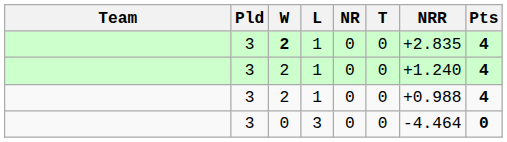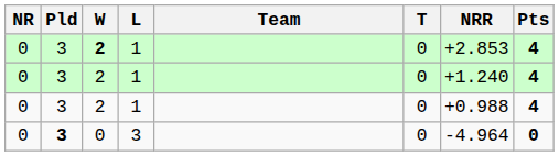 <table class="wikitable" style="text-align:center;">
 <tr>
-<th width=175>Team</th>
+<th style="width:20px;" abbr="No Result">NR</th>
 <th style="width:20px;" abbr="Played">Pld</th>
 <th style="width:20px;" abbr="Won">W</th>
 <th style="width:20px;" abbr="Lost">L</th>
-<th style="width:20px;" abbr="No Result">NR</th>
+<th width=175>Team</th>
 <th style="width:20px;" abbr="Tied">T</th>
 <th style="width:20px;" abbr="Net Run Rate">NRR</th>
 <th style="width:20px;" abbr="Points">Pts</th>
 </tr>
 <tr style="background:#cfc;">
-<td style="text-align:left;"></td>
+<td>0</td>
 <td>3</td>
 <td><strong>2</strong></td>
 <td>1</td>
+<td style="text-align:left;"></td>
 <td>0</td>
-<td>0</td>
-<td>+2.835</td>
+<td>+2.853</td>
 <td><strong>4</strong></td>
 </tr>
 <tr style="background:#cfc;">
-<td style="text-align:left;"></td>
+<td>0</td>
 <td>3</td>
 <td>2</td>
 <td>1</td>
-<td>0</td>
+<td style="text-align:left;"></td>
 <td>0</td>
 <td>+1.240</td>
 <td><strong>4</strong></td>
 </tr>
 <tr style="background:#f9f9f9;">
-<td style="text-align:left;"></td>
+<td>0</td>
 <td>3</td>
 <td>2</td>
 <td>1</td>
-<td>0</td>
+<td style="text-align:left;"></td>
 <td>0</td>
 <td>+0.988</td>
 <td><strong>4</strong></td>
 </tr>
 <tr style="background:#f9f9f9;">
-<td style="text-align:left;"></td>
-<td>3</td>
+<td>0</td>
+<td><strong>3</strong></td>
 <td>0</td>
 <td>3</td>
+<td style="text-align:left;"></td>
 <td>0</td>
-<td>0</td>
-<td>-4.464</td>
+<td>-4.964</td>
 <td><strong>0</strong></td>
 </tr>
 </table>
